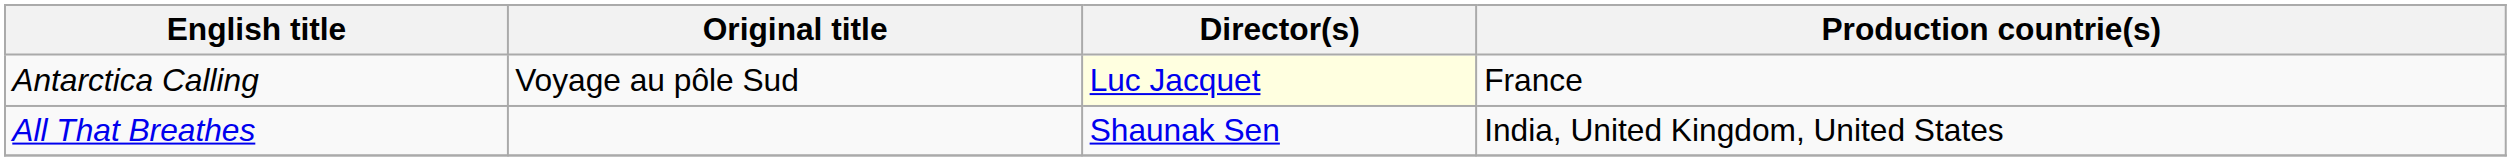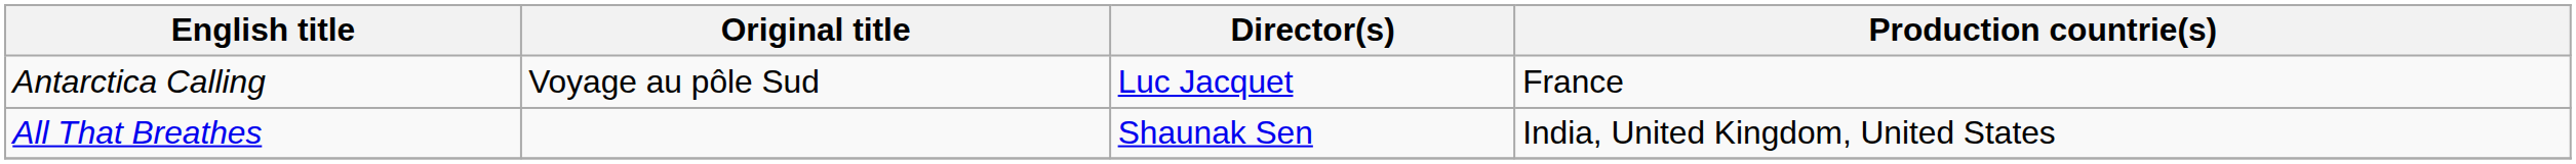 <table class="sortable wikitable" style="width:100%; margin-bottom:4px" cellpadding="5">
 <tr>
 <th scope="col">English title</th>
 <th scope="col">Original title</th>
 <th scope="col">Director(s)</th>
 <th scope="col">Production countrie(s)</th>
 </tr>
 <tr>
 <td><em>Antarctica Calling</em></td>
 <td>Voyage au pôle Sud</td>
-<td style="background: lightyellow;"><a href='#'>Luc Jacquet</a></td>
+<td><a href='#'>Luc Jacquet</a></td>
 <td>France</td>
 </tr>
 <tr>
 <td><em><a href='#'>All That Breathes</a></em></td>
 <td></td>
 <td><a href='#'>Shaunak Sen</a></td>
 <td>India, United Kingdom, United States</td>
 </tr>
 <tr>
 </tr>
 </table>
